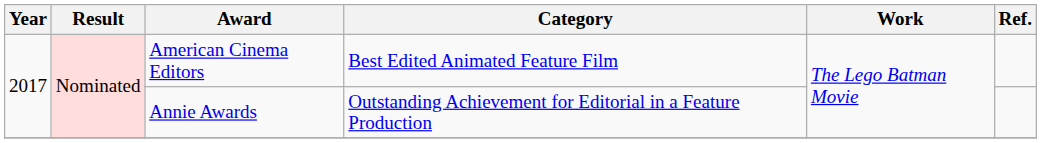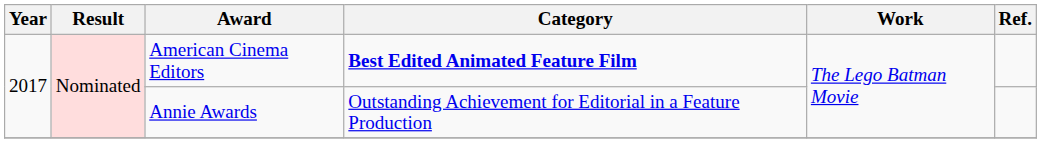 <table class="wikitable">
 <tr>
 <th>Year</th>
 <th>Result</th>
 <th>Award</th>
 <th>Category</th>
 <th>Work</th>
 <th>Ref.</th>
 </tr>
 <tr>
 <td rowspan="2">2017</td>
 <td rowspan="2" style="background: #ffdddd">Nominated</td>
 <td><a href='#'>American Cinema Editors</a></td>
-<td><a href='#'>Best Edited Animated Feature Film</a></td>
+<td><strong><a href='#'>Best Edited Animated Feature Film</a></strong></td>
 <td rowspan="2"><em><a href='#'>The Lego Batman Movie</a></em></td>
 <td></td>
 </tr>
 <tr>
 <td><a href='#'>Annie Awards</a></td>
 <td><a href='#'>Outstanding Achievement for Editorial in a Feature Production</a></td>
 <td></td>
 </tr>
 <tr>
 </tr>
 </table>
